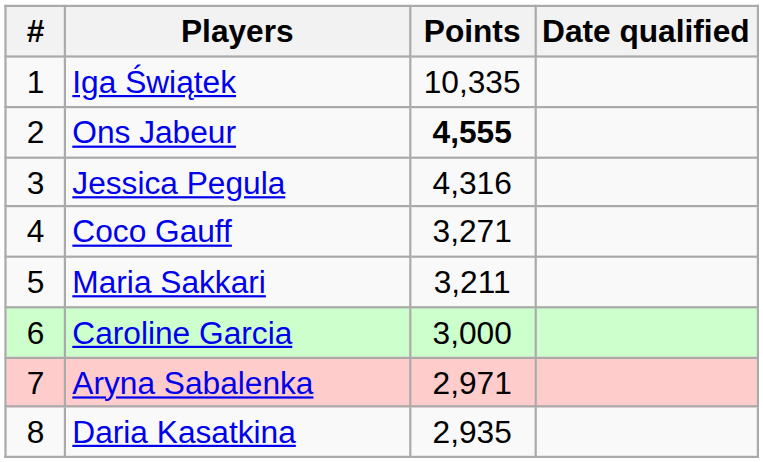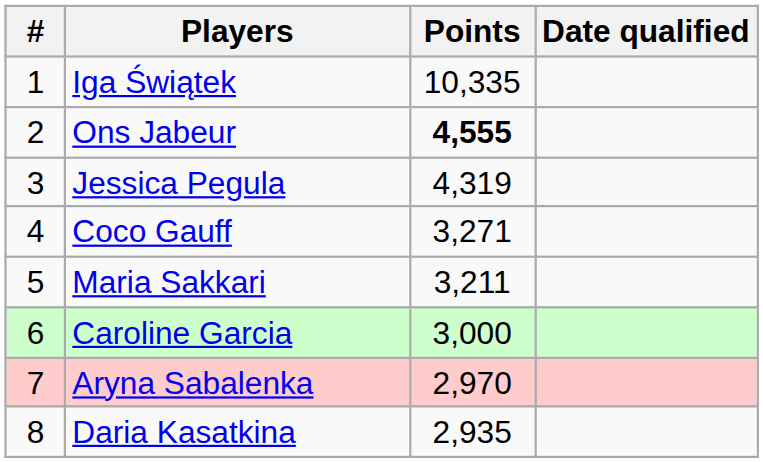 <table class="sortable wikitable nowrap" style=float:right;margin-left:1em;text-align:center;font-size:90%;text:justify>
 <tr>
 <th width=20>#</th>
 <th width=150>Players</th>
 <th width=50>Points</th>
 <th>Date qualified</th>
 </tr>
 <tr>
 <td>1</td>
 <td align=left> <a href='#'>Iga Świątek</a></td>
 <td>10,335</td>
 <td></td>
 </tr>
 <tr>
 <td>2</td>
 <td align=left> <a href='#'>Ons Jabeur</a></td>
 <td><strong>4,555</strong></td>
 <td></td>
 </tr>
 <tr>
 <td>3</td>
 <td align=left> <a href='#'>Jessica Pegula</a></td>
-<td>4,316</td>
+<td>4,319</td>
 <td></td>
 </tr>
 <tr>
 <td>4</td>
 <td align=left> <a href='#'>Coco Gauff</a></td>
 <td>3,271</td>
 <td></td>
 </tr>
 <tr>
 <td>5</td>
 <td align=left> <a href='#'>Maria Sakkari</a></td>
 <td>3,211</td>
 <td></td>
 </tr>
 <tr style="background:#cfc;">
 <td>6</td>
 <td align=left> <a href='#'>Caroline Garcia</a></td>
 <td>3,000</td>
 <td></td>
 </tr>
 <tr style="background:#fcc;">
 <td>7</td>
 <td align=left> <a href='#'>Aryna Sabalenka</a></td>
-<td>2,971</td>
+<td>2,970</td>
 <td></td>
 </tr>
 <tr>
 <td>8</td>
 <td align=left> <a href='#'>Daria Kasatkina</a></td>
 <td>2,935</td>
 <td></td>
 </tr>
 </table>
